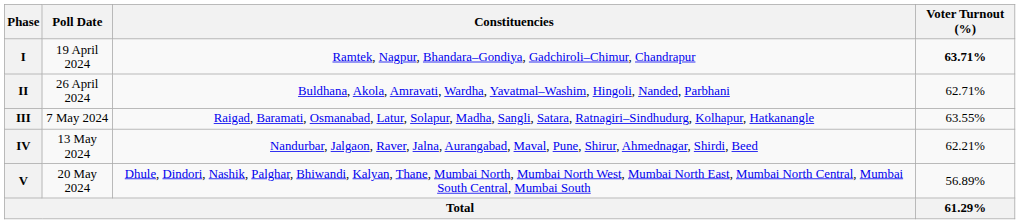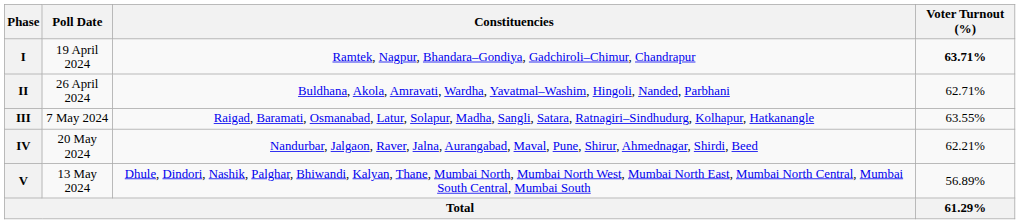 <table class="wikitable" style="text-align:center;margin:auto;">
 <tr>
 <th>Phase</th>
 <th>Poll Date</th>
 <th>Constituencies</th>
 <th>Voter Turnout (%)</th>
 </tr>
 <tr>
 <th>I</th>
 <td>19 April 2024</td>
 <td><a href='#'>Ramtek</a>, <a href='#'>Nagpur</a>, <a href='#'>Bhandara–Gondiya</a>, <a href='#'>Gadchiroli–Chimur</a>, <a href='#'>Chandrapur</a></td>
 <td><strong>63.71%</strong></td>
 </tr>
 <tr>
 <th>II</th>
 <td>26 April 2024</td>
 <td><a href='#'>Buldhana</a>, <a href='#'>Akola</a>, <a href='#'>Amravati</a>, <a href='#'>Wardha</a>, <a href='#'>Yavatmal–Washim</a>, <a href='#'>Hingoli</a>, <a href='#'>Nanded</a>, <a href='#'>Parbhani</a></td>
 <td>62.71%</td>
 </tr>
 <tr>
 <th>III</th>
 <td>7 May 2024</td>
 <td><a href='#'>Raigad</a>, <a href='#'>Baramati</a>, <a href='#'>Osmanabad</a>, <a href='#'>Latur</a>, <a href='#'>Solapur</a>, <a href='#'>Madha</a>, <a href='#'>Sangli</a>, <a href='#'>Satara</a>, <a href='#'>Ratnagiri–Sindhudurg</a>, <a href='#'>Kolhapur</a>, <a href='#'>Hatkanangle</a></td>
 <td>63.55%</td>
 </tr>
 <tr>
 <th>IV</th>
-<td>13 May 2024</td>
+<td>20 May 2024</td>
 <td><a href='#'>Nandurbar</a>, <a href='#'>Jalgaon</a>, <a href='#'>Raver</a>, <a href='#'>Jalna</a>, <a href='#'>Aurangabad</a>, <a href='#'>Maval</a>, <a href='#'>Pune</a>, <a href='#'>Shirur</a>, <a href='#'>Ahmednagar</a>, <a href='#'>Shirdi</a>, <a href='#'>Beed</a></td>
 <td>62.21%</td>
 </tr>
 <tr>
 <th>V</th>
-<td>20 May 2024</td>
+<td>13 May 2024</td>
 <td><a href='#'>Dhule</a>, <a href='#'>Dindori</a>, <a href='#'>Nashik</a>, <a href='#'>Palghar</a>, <a href='#'>Bhiwandi</a>, <a href='#'>Kalyan</a>, <a href='#'>Thane</a>, <a href='#'>Mumbai North</a>, <a href='#'>Mumbai North West</a>, <a href='#'>Mumbai North East</a>, <a href='#'>Mumbai North Central</a>, <a href='#'>Mumbai South Central</a>, <a href='#'>Mumbai South</a></td>
 <td>56.89%</td>
 </tr>
 <tr>
 <th colspan="3">Total</th>
 <th>61.29%</th>
 </tr>
 </table>
